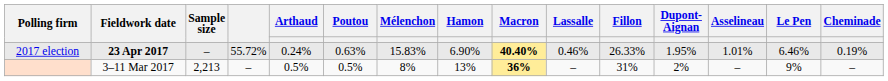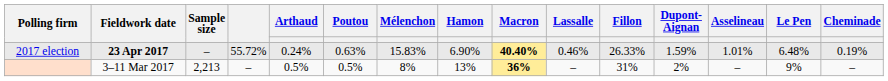 <table class="wikitable sortable" style="text-align:center;font-size:90%;line-height:14px;">
 <tr style="height:40px;">
 <th style="width:100px;" rowspan="2">Polling firm</th>
 <th style="width:110px;" rowspan="2">Fieldwork date</th>
 <th style="width:35px;" rowspan="2">Sample<br>size</th>
 <th style="width:30px;" rowspan="2"></th>
 <th class="unsortable" style="width:60px;"><a href='#'>Arthaud</a><br></th>
 <th class="unsortable" style="width:60px;"><a href='#'>Poutou</a><br></th>
 <th class="unsortable" style="width:60px;"><a href='#'>Mélenchon</a><br></th>
 <th class="unsortable" style="width:60px;"><a href='#'>Hamon</a><br></th>
 <th class="unsortable" style="width:60px;"><a href='#'>Macron</a><br></th>
 <th class="unsortable" style="width:60px;"><a href='#'>Lassalle</a><br></th>
 <th class="unsortable" style="width:60px;"><a href='#'>Fillon</a><br></th>
 <th class="unsortable" style="width:60px;"><a href='#'>Dupont-Aignan</a><br></th>
 <th class="unsortable" style="width:60px;"><a href='#'>Asselineau</a><br></th>
 <th class="unsortable" style="width:60px;"><a href='#'>Le Pen</a><br></th>
 <th class="unsortable" style="width:60px;"><a href='#'>Cheminade</a><br></th>
 </tr>
 <tr>
 <th style="background:"></th>
 <th style="background:"></th>
 <th style="background:"></th>
 <th style="background:"></th>
 <th style="background:"></th>
 <th style="background:"></th>
 <th style="background:"></th>
 <th style="background:"></th>
 <th style="background:"></th>
 <th style="background:"></th>
 <th style="background:"></th>
 </tr>
 <tr style="background:#E9E9E9;">
 <td><a href='#'>2017 election</a></td>
 <td data-sort-value="2017-04-23"><strong>23 Apr 2017</strong></td>
 <td>–</td>
 <td>55.72%</td>
 <td>0.24%</td>
 <td>0.63%</td>
 <td>15.83%</td>
 <td>6.90%</td>
 <td style="background:#FFED99;"><strong>40.40%</strong></td>
 <td>0.46%</td>
 <td>26.33%</td>
-<td>1.95%</td>
+<td>1.59%</td>
 <td>1.01%</td>
-<td>6.46%</td>
+<td>6.48%</td>
 <td>0.19%</td>
 </tr>
 <tr>
 <td style="background:#FFDFCC;"></td>
 <td data-sort-value="2017-03-11">3–11 Mar 2017</td>
 <td>2,213</td>
 <td>–</td>
 <td>0.5%</td>
 <td>0.5%</td>
 <td>8%</td>
 <td>13%</td>
 <td style="background:#FFED99;"><strong>36%</strong></td>
 <td>–</td>
 <td>31%</td>
 <td>2%</td>
 <td>–</td>
 <td>9%</td>
 <td>–</td>
 </tr>
 </table>
